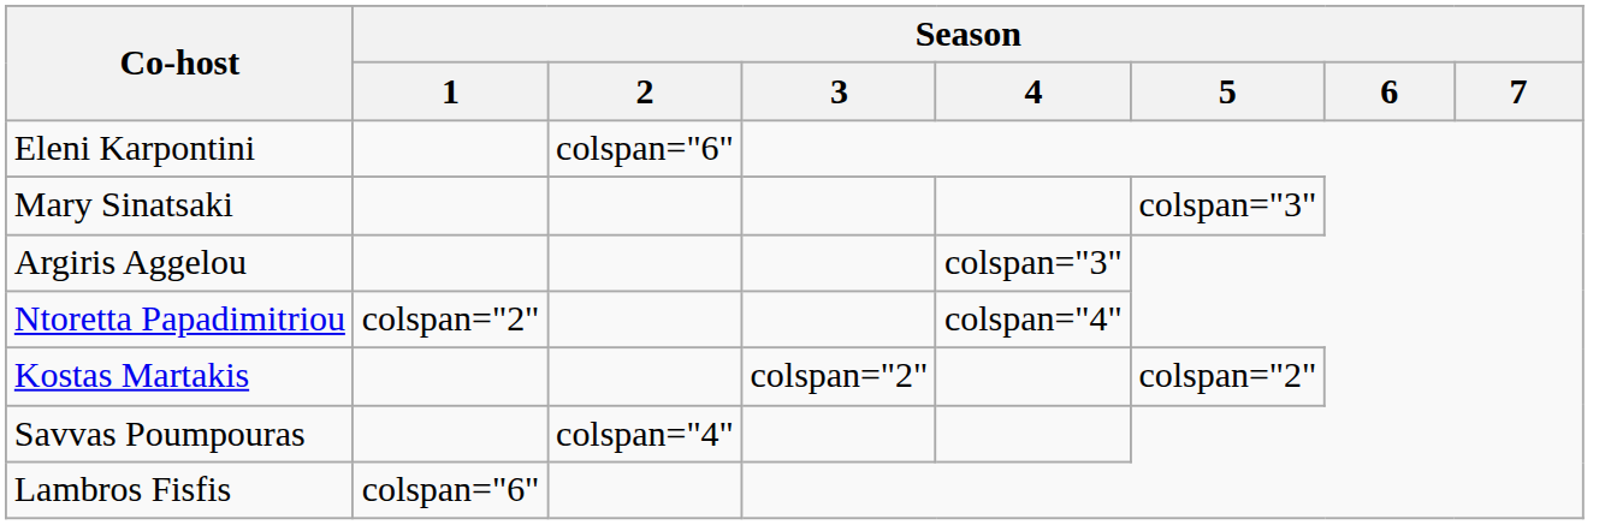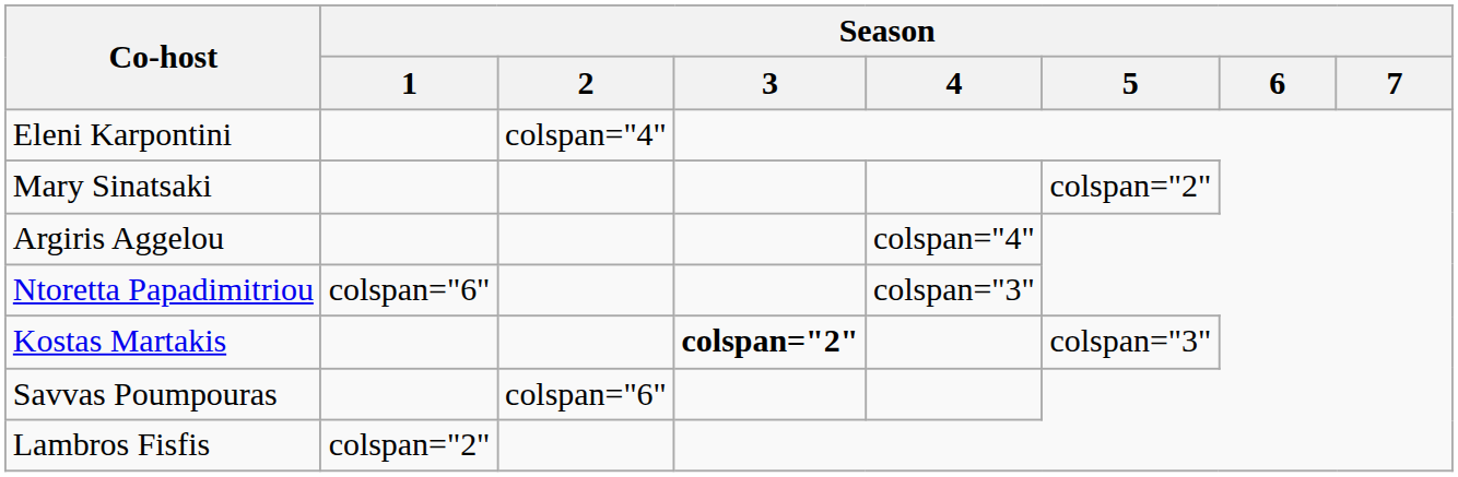 <table class="wikitable" style="margin:left;">
 <tr>
 <th rowspan="2">Co-host</th>
 <th colspan="14">Season</th>
 </tr>
 <tr>
 <th width="50">1</th>
 <th width="50">2</th>
 <th width="50">3</th>
 <th width="50">4</th>
 <th width="50">5</th>
 <th width="50">6</th>
 <th width="50">7</th>
 </tr>
 <tr>
 <td>Eleni Karpontini</td>
 <td></td>
-<td>colspan="6" </td>
+<td>colspan="4" </td>
 </tr>
 <tr>
 <td>Mary Sinatsaki</td>
 <td></td>
 <td></td>
 <td></td>
 <td></td>
-<td>colspan="3" </td>
+<td>colspan="2" </td>
 </tr>
 <tr>
 <td>Argiris Aggelou</td>
 <td></td>
 <td></td>
 <td></td>
-<td>colspan="3" </td>
+<td>colspan="4" </td>
 </tr>
 <tr>
 <td><a href='#'>Ntoretta Papadimitriou</a></td>
-<td>colspan="2" </td>
+<td>colspan="6" </td>
 <td></td>
 <td></td>
-<td>colspan="4" </td>
+<td>colspan="3" </td>
 </tr>
 <tr>
 <td><a href='#'>Kostas Martakis</a></td>
 <td></td>
 <td></td>
-<td>colspan="2" </td>
+<td><strong>colspan="2" </strong></td>
 <td></td>
-<td>colspan="2" </td>
+<td>colspan="3" </td>
 </tr>
 <tr>
 <td>Savvas Poumpouras</td>
 <td></td>
-<td>colspan="4" </td>
+<td>colspan="6" </td>
 <td></td>
 <td></td>
 </tr>
 <tr>
 <td>Lambros Fisfis</td>
-<td>colspan="6" </td>
+<td>colspan="2" </td>
 <td></td>
 </tr>
 </table>
